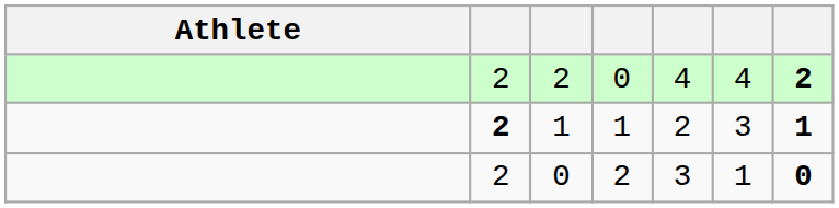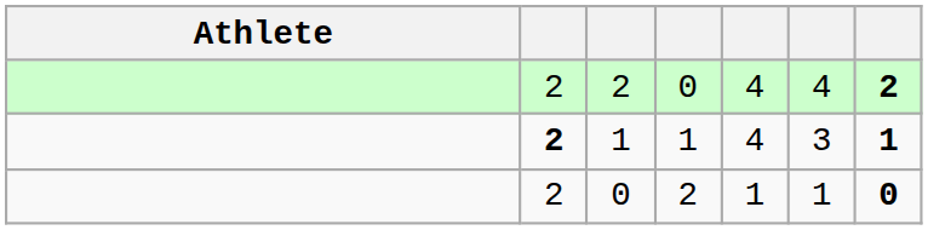 <table class=wikitable style="text-align:center">
 <tr>
 <th width=195>Athlete</th>
 <th width=20></th>
 <th width=20></th>
 <th width=20></th>
 <th width=20></th>
 <th width=20></th>
 <th width=20></th>
 </tr>
 <tr bgcolor=ccffcc>
 <td style="text-align:left"></td>
 <td>2</td>
 <td>2</td>
 <td>0</td>
 <td>4</td>
 <td>4</td>
 <td><strong>2</strong></td>
 </tr>
 <tr>
 <td style="text-align:left"></td>
 <td><strong>2</strong></td>
 <td>1</td>
 <td>1</td>
-<td>2</td>
+<td>4</td>
 <td>3</td>
 <td><strong>1</strong></td>
 </tr>
 <tr>
 <td style="text-align:left"></td>
 <td>2</td>
 <td>0</td>
 <td>2</td>
-<td>3</td>
+<td>1</td>
 <td>1</td>
 <td><strong>0</strong></td>
 </tr>
 </table>
